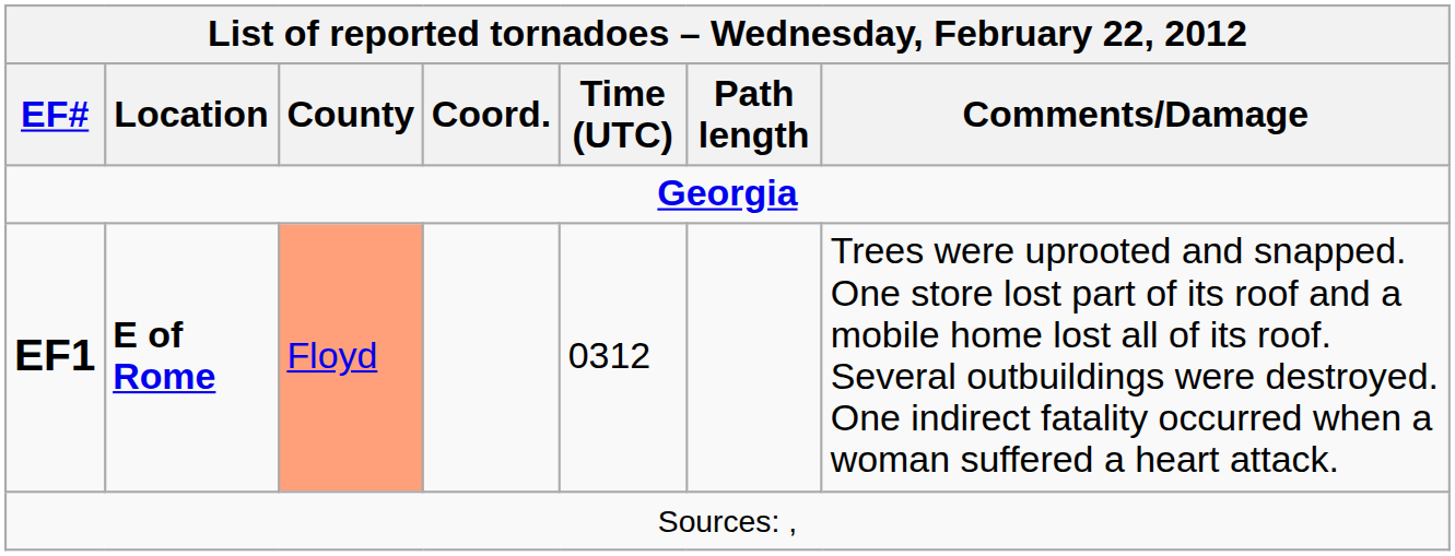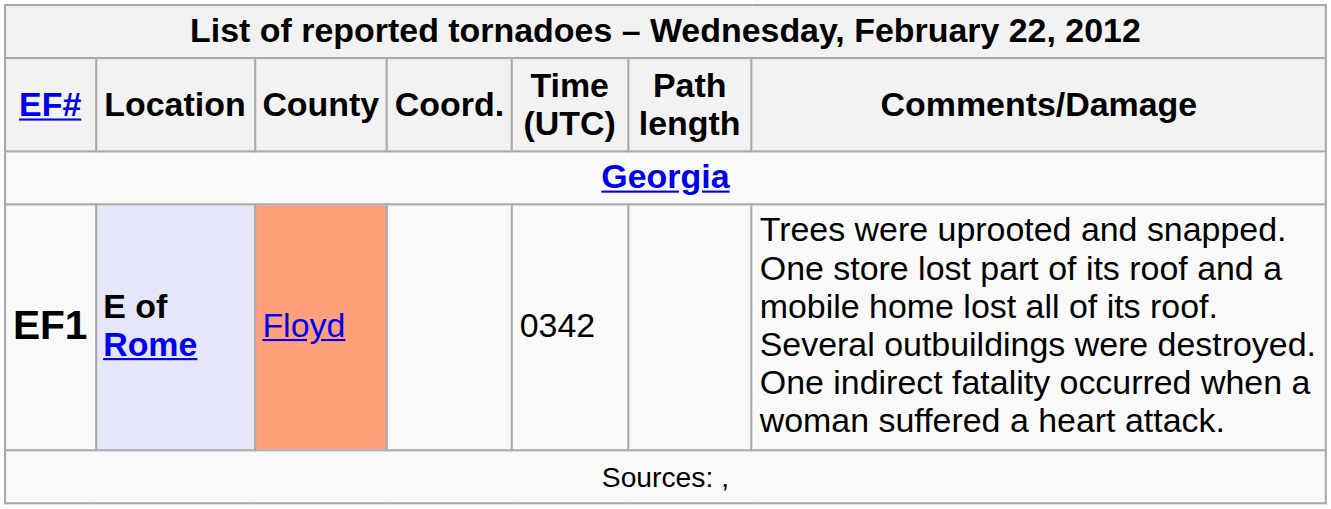 <table class="wikitable collapsible" style="width:100%;">
 <tr>
 <th colspan="7">List of reported tornadoes – Wednesday, February 22, 2012</th>
 </tr>
 <tr>
 <th><a href='#'>EF#</a></th>
 <th>Location</th>
 <th>County</th>
 <th>Coord.</th>
 <th>Time (UTC)</th>
 <th>Path length</th>
 <th>Comments/Damage</th>
 </tr>
 <tr>
 <td colspan="7" style="text-align:center;"><strong><a href='#'>Georgia</a></strong></td>
 </tr>
 <tr>
 <td><big><strong>EF1</strong></big></td>
-<td><strong> E of <a href='#'>Rome</a></strong></td>
+<td style="background: lavender;"><strong> E of <a href='#'>Rome</a></strong></td>
 <td style="background: lightsalmon;"><a href='#'>Floyd</a></td>
 <td></td>
-<td>0312</td>
+<td>0342</td>
 <td></td>
 <td>Trees were uprooted and snapped. One store lost part of its roof and a mobile home lost all of its roof. Several outbuildings were destroyed. One indirect fatality occurred when a woman suffered a heart attack.</td>
 </tr>
 <tr>
 <td colspan="7" style="text-align:center;"><small>Sources: , </small></td>
 </tr>
 </table>
